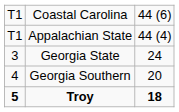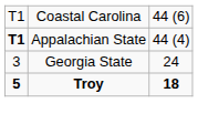 <table class="wikitable" style="display: inline-table;">
 <tr align="center">
 <td>T1</td>
 <td>Coastal Carolina</td>
 <td>44 (6)</td>
 </tr>
 <tr align="center">
-<td>T1</td>
+<td><strong>T1</strong></td>
 <td>Appalachian State</td>
 <td>44 (4)</td>
 </tr>
 <tr align="center">
 <td>3</td>
 <td>Georgia State</td>
 <td>24</td>
 </tr>
 <tr align="center">
-<td>4</td>
-<td>Georgia Southern</td>
-<td>20</td>
-</tr>
-<tr align="center">
 <td><strong>5</strong></td>
 <td><strong>Troy</strong></td>
 <td><strong>18</strong></td>
 </tr>
 </table>
